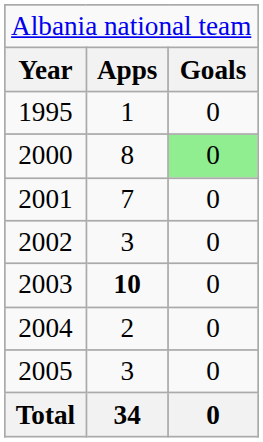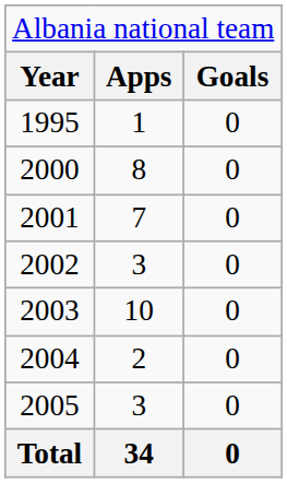 <table class="wikitable" style="text-align:center">
 <tr>
 <td colspan="3"><a href='#'>Albania national team</a></td>
 </tr>
 <tr>
 <th>Year</th>
 <th>Apps</th>
 <th>Goals</th>
 </tr>
 <tr>
 <td>1995</td>
 <td>1</td>
 <td>0</td>
 </tr>
 <tr>
 <td>2000</td>
 <td>8</td>
-<td style="background: lightgreen;">0</td>
+<td>0</td>
 </tr>
 <tr>
 <td>2001</td>
 <td>7</td>
 <td>0</td>
 </tr>
 <tr>
 <td>2002</td>
 <td>3</td>
 <td>0</td>
 </tr>
 <tr>
 <td>2003</td>
-<td><strong>10</strong></td>
+<td>10</td>
 <td>0</td>
 </tr>
 <tr>
 <td>2004</td>
 <td>2</td>
 <td>0</td>
 </tr>
 <tr>
 <td>2005</td>
 <td>3</td>
 <td>0</td>
 </tr>
 <tr>
 <th>Total</th>
 <th>34</th>
 <th>0</th>
 </tr>
 </table>
